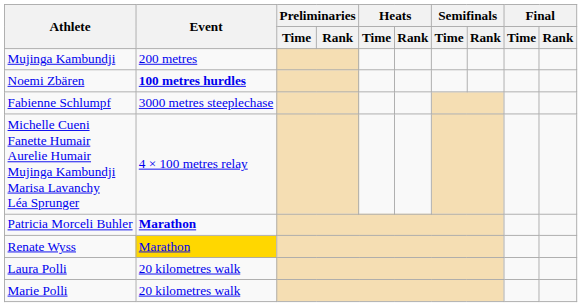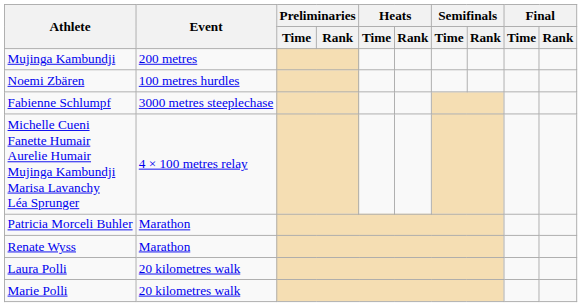 <table class=wikitable style="font-size:90%;">
 <tr>
 <th rowspan="2">Athlete</th>
 <th rowspan="2">Event</th>
 <th colspan="2">Preliminaries</th>
 <th colspan="2">Heats</th>
 <th colspan="2">Semifinals</th>
 <th colspan="2">Final</th>
 </tr>
 <tr>
 <th>Time</th>
 <th>Rank</th>
 <th>Time</th>
 <th>Rank</th>
 <th>Time</th>
 <th>Rank</th>
 <th>Time</th>
 <th>Rank</th>
 </tr>
 <tr style="border-top: single;">
 <td><a href='#'>Mujinga Kambundji</a></td>
 <td><a href='#'>200 metres</a></td>
 <td colspan= 2 bgcolor="wheat"></td>
 <td align=center></td>
 <td align=center></td>
 <td align=center></td>
 <td align=center></td>
 <td align=center></td>
 <td align=center></td>
 </tr>
 <tr style="border-top: single;">
 <td><a href='#'>Noemi Zbären</a></td>
-<td><strong><a href='#'>100 metres hurdles</a></strong></td>
+<td><a href='#'>100 metres hurdles</a></td>
 <td colspan= 2 bgcolor="wheat"></td>
 <td align=center></td>
 <td align=center></td>
 <td align=center></td>
 <td align=center></td>
 <td align=center></td>
 <td align=center></td>
 </tr>
 <tr style="border-top: single;">
 <td><a href='#'>Fabienne Schlumpf</a></td>
 <td><a href='#'>3000 metres steeplechase</a></td>
 <td colspan= 2 bgcolor="wheat"></td>
 <td align=center></td>
 <td align=center></td>
 <td colspan= 2 bgcolor="wheat"></td>
 <td align=center></td>
 <td align=center></td>
 </tr>
 <tr style="border-top: single;">
 <td><a href='#'>Michelle Cueni</a><br><a href='#'>Fanette Humair</a><br><a href='#'>Aurelie Humair</a><br><a href='#'>Mujinga Kambundji</a><br><a href='#'>Marisa Lavanchy</a><br><a href='#'>Léa Sprunger</a></td>
 <td><a href='#'>4 × 100 metres relay</a></td>
 <td colspan= 2 bgcolor="wheat"></td>
 <td align=center></td>
 <td align=center></td>
 <td colspan= 2 bgcolor="wheat"></td>
 <td align=center></td>
 <td align=center></td>
 </tr>
 <tr style="border-top: single;">
 <td><a href='#'>Patricia Morceli Buhler</a></td>
-<td><strong><a href='#'>Marathon</a></strong></td>
+<td><a href='#'>Marathon</a></td>
 <td colspan= 6 bgcolor="wheat"></td>
 <td align=center></td>
 <td align=center></td>
 </tr>
 <tr style="border-top: single;">
 <td><a href='#'>Renate Wyss</a></td>
-<td style="background: gold;"><a href='#'>Marathon</a></td>
+<td><a href='#'>Marathon</a></td>
 <td colspan= 6 bgcolor="wheat"></td>
 <td align=center></td>
 <td align=center></td>
 </tr>
 <tr style="border-top: single;">
 <td><a href='#'>Laura Polli</a></td>
 <td><a href='#'>20 kilometres walk</a></td>
 <td colspan= 6 bgcolor="wheat"></td>
 <td align=center></td>
 <td align=center></td>
 </tr>
 <tr style="border-top: single;">
 <td><a href='#'>Marie Polli</a></td>
 <td><a href='#'>20 kilometres walk</a></td>
 <td colspan= 6 bgcolor="wheat"></td>
 <td align=center></td>
 <td align=center></td>
 </tr>
 </table>
